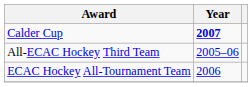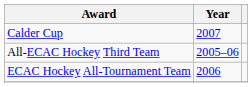 <table class="wikitable">
 <tr>
 <th>Award</th>
 <th>Year</th>
 <th></th>
 </tr>
 <tr>
 <td><a href='#'>Calder Cup</a></td>
-<td><strong><a href='#'>2007</a></strong></td>
+<td><a href='#'>2007</a></td>
 <td></td>
 </tr>
 <tr>
 <td>All-<a href='#'>ECAC Hockey</a> <a href='#'>Third Team</a></td>
 <td><a href='#'>2005–06</a></td>
 <td></td>
 </tr>
 <tr>
 <td><a href='#'>ECAC Hockey</a> <a href='#'>All-Tournament Team</a></td>
 <td><a href='#'>2006</a></td>
 <td></td>
 </tr>
 <tr>
 </tr>
 </table>
